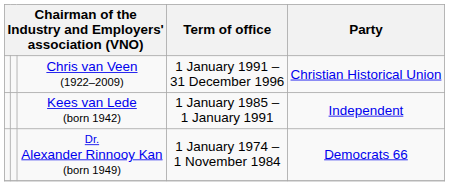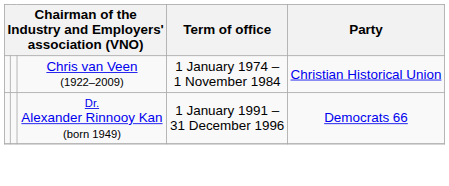 <table class="wikitable" style="text-align:center">
 <tr>
 <th colspan=3>Chairman of the <br> Industry and Employers' <br> association (VNO)</th>
 <th>Term of office</th>
 <th>Party</th>
 </tr>
 <tr>
 <td style="background:"></td>
 <td></td>
 <td><a href='#'>Chris van Veen</a> <br> <small>(1922–2009)</small></td>
-<td>1 January 1991 – <br> 31 December 1996</td>
+<td>1 January 1974 – <br> 1 November 1984</td>
 <td><a href='#'>Christian Historical Union</a></td>
 </tr>
 <tr>
 <td style="background:"></td>
 <td></td>
-<td><a href='#'>Kees van Lede</a> <br> <small>(born 1942)</small></td>
-<td>1 January 1985 – <br> 1 January 1991</td>
-<td><a href='#'>Independent</a></td>
-</tr>
-<tr>
-<td style="background:"></td>
-<td></td>
 <td><small><a href='#'>Dr.</a></small> <br> <a href='#'>Alexander Rinnooy Kan</a> <br> <small>(born 1949)</small></td>
-<td>1 January 1974 – <br> 1 November 1984</td>
+<td>1 January 1991 – <br> 31 December 1996</td>
 <td><a href='#'>Democrats 66</a></td>
 </tr>
 <tr>
 </tr>
 </table>
